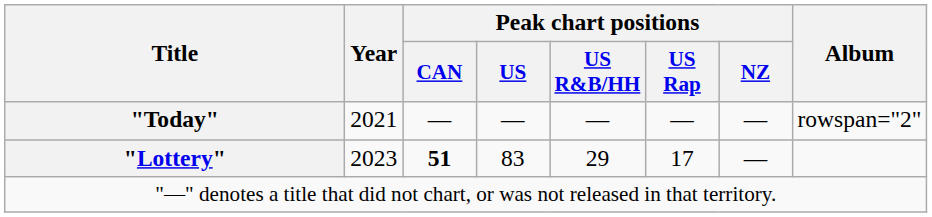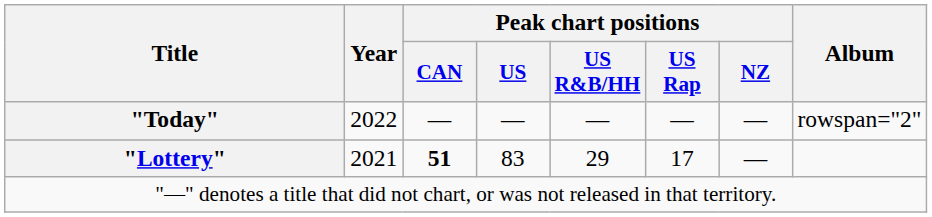 <table class="wikitable plainrowheaders" style="text-align:center;">
 <tr>
 <th scope="col" rowspan="2" style="width:14em;">Title</th>
 <th scope="col" rowspan="2" style="width:1em;">Year</th>
 <th colspan="5">Peak chart positions</th>
 <th rowspan="2">Album</th>
 </tr>
 <tr>
 <th scope="col" style="width:3em;font-size:90%;"><a href='#'>CAN</a><br></th>
 <th scope="col" style="width:3em;font-size:90%;"><a href='#'>US</a><br></th>
 <th scope="col" style="width:3em;font-size:90%;"><a href='#'>US<br>R&B/HH</a><br></th>
 <th scope="col" style="width:3em;font-size:90%;"><a href='#'>US<br>Rap</a><br></th>
 <th scope="col" style="width:3em;font-size:90%;"><a href='#'>NZ</a><br></th>
 </tr>
 <tr>
 <th scope="row">"Today"<br></th>
-<td>2021</td>
+<td>2022</td>
 <td>—</td>
 <td>—</td>
 <td>—</td>
 <td>—</td>
 <td>—</td>
 <td>rowspan="2" </td>
 </tr>
 <tr>
 <th scope="row">"<a href='#'>Lottery</a>"<br></th>
-<td>2023</td>
+<td>2021</td>
 <td><strong>51</strong></td>
 <td>83</td>
 <td>29</td>
 <td>17</td>
 <td>—</td>
 </tr>
 <tr>
 <td colspan="13" style="font-size:90%">"—" denotes a title that did not chart, or was not released in that territory.</td>
 </tr>
 </table>
